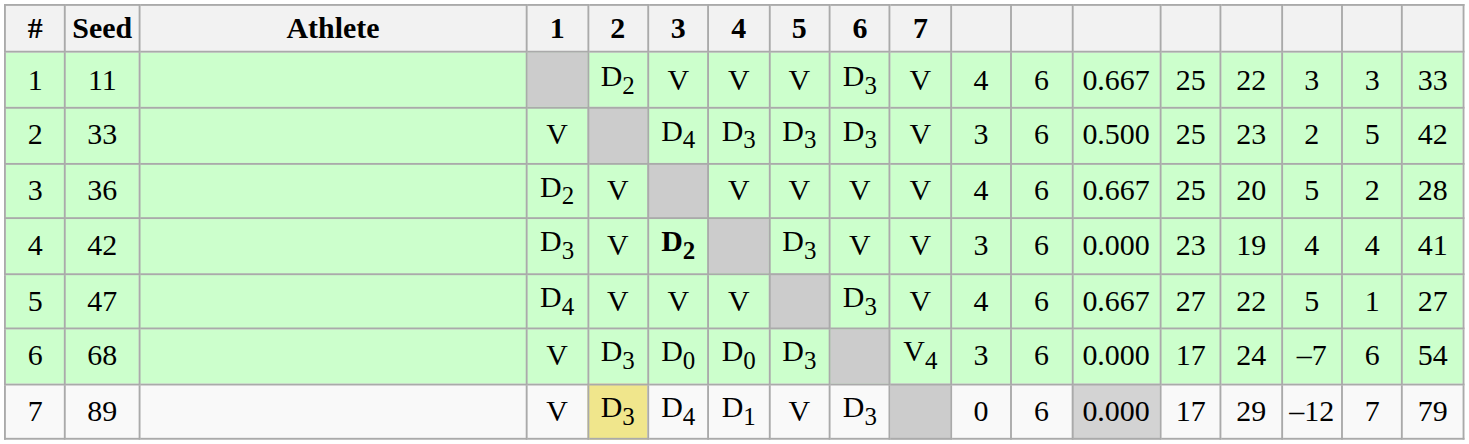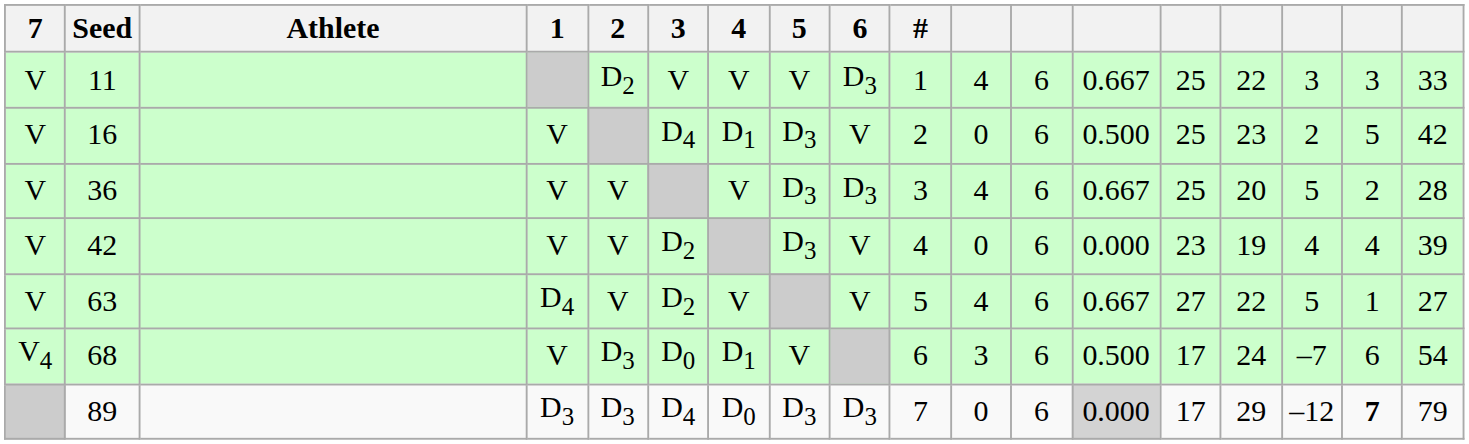 <table class="wikitable" style="text-align:center">
 <tr>
-<th width="25">#</th>
+<th width="25">7</th>
 <th width="25">Seed</th>
 <th width="200">Athlete</th>
 <th width="25">1</th>
 <th width="25">2</th>
 <th width="25">3</th>
 <th width="25">4</th>
 <th width="25">5</th>
 <th width="25">6</th>
-<th width="25">7</th>
+<th width="25">#</th>
 <th width="25"></th>
 <th width="25"></th>
 <th width="40"></th>
 <th width="25"></th>
 <th width="25"></th>
 <th width="25"></th>
 <th width="25"></th>
 <th width="25"></th>
 </tr>
 <tr bgcolor="#ccffcc">
-<td>1</td>
+<td>V</td>
 <td>11</td>
 <td align=left></td>
 <td bgcolor="#cccccc"></td>
 <td>D<sub>2</sub></td>
 <td>V</td>
 <td>V</td>
 <td>V</td>
 <td>D<sub>3</sub></td>
-<td>V</td>
+<td>1</td>
 <td>4</td>
 <td>6</td>
 <td>0.667</td>
 <td>25</td>
 <td>22</td>
 <td>3</td>
 <td>3</td>
 <td>33</td>
 </tr>
 <tr bgcolor="#ccffcc">
-<td>2</td>
-<td>33</td>
+<td>V</td>
+<td>16</td>
 <td align=left></td>
 <td>V</td>
 <td bgcolor="#cccccc"></td>
 <td>D<sub>4</sub></td>
-<td>D<sub>3</sub></td>
-<td>D<sub>3</sub></td>
+<td>D<sub>1</sub></td>
 <td>D<sub>3</sub></td>
 <td>V</td>
-<td>3</td>
+<td>2</td>
+<td>0</td>
 <td>6</td>
 <td>0.500</td>
 <td>25</td>
 <td>23</td>
 <td>2</td>
 <td>5</td>
 <td>42</td>
 </tr>
 <tr bgcolor="#ccffcc">
-<td>3</td>
+<td>V</td>
 <td>36</td>
 <td align=left></td>
-<td>D<sub>2</sub></td>
+<td>V</td>
 <td>V</td>
 <td bgcolor="#cccccc"></td>
 <td>V</td>
-<td>V</td>
-<td>V</td>
-<td>V</td>
+<td>D<sub>3</sub></td>
+<td>D<sub>3</sub></td>
+<td>3</td>
 <td>4</td>
 <td>6</td>
 <td>0.667</td>
 <td>25</td>
 <td>20</td>
 <td>5</td>
 <td>2</td>
 <td>28</td>
 </tr>
 <tr bgcolor="#ccffcc">
-<td>4</td>
+<td>V</td>
 <td>42</td>
 <td align=left></td>
-<td>D<sub>3</sub></td>
 <td>V</td>
-<td><strong>D<sub>2</sub></strong></td>
+<td>V</td>
+<td>D<sub>2</sub></td>
 <td bgcolor="#cccccc"></td>
 <td>D<sub>3</sub></td>
 <td>V</td>
-<td>V</td>
-<td>3</td>
+<td>4</td>
+<td>0</td>
 <td>6</td>
 <td>0.000</td>
 <td>23</td>
 <td>19</td>
 <td>4</td>
 <td>4</td>
-<td>41</td>
+<td>39</td>
 </tr>
 <tr bgcolor="#ccffcc">
-<td>5</td>
-<td>47</td>
+<td>V</td>
+<td>63</td>
 <td align=left></td>
 <td>D<sub>4</sub></td>
 <td>V</td>
-<td>V</td>
+<td>D<sub>2</sub></td>
 <td>V</td>
 <td bgcolor="#cccccc"></td>
-<td>D<sub>3</sub></td>
 <td>V</td>
+<td>5</td>
 <td>4</td>
 <td>6</td>
 <td>0.667</td>
 <td>27</td>
 <td>22</td>
 <td>5</td>
 <td>1</td>
 <td>27</td>
 </tr>
 <tr bgcolor="#ccffcc">
-<td>6</td>
+<td>V<sub>4</sub></td>
 <td>68</td>
 <td align=left></td>
 <td>V</td>
 <td>D<sub>3</sub></td>
 <td>D<sub>0</sub></td>
-<td>D<sub>0</sub></td>
-<td>D<sub>3</sub></td>
+<td>D<sub>1</sub></td>
+<td>V</td>
 <td bgcolor="#cccccc"></td>
-<td>V<sub>4</sub></td>
+<td>6</td>
 <td>3</td>
 <td>6</td>
-<td>0.000</td>
+<td>0.500</td>
 <td>17</td>
 <td>24</td>
 <td>–7</td>
 <td>6</td>
 <td>54</td>
 </tr>
 <tr>
-<td>7</td>
+<td bgcolor="#cccccc"></td>
 <td>89</td>
 <td align=left></td>
-<td>V</td>
-<td style="background: khaki;">D<sub>3</sub></td>
+<td>D<sub>3</sub></td>
+<td>D<sub>3</sub></td>
 <td>D<sub>4</sub></td>
-<td>D<sub>1</sub></td>
-<td>V</td>
+<td>D<sub>0</sub></td>
 <td>D<sub>3</sub></td>
-<td bgcolor="#cccccc"></td>
+<td>D<sub>3</sub></td>
+<td>7</td>
 <td>0</td>
 <td>6</td>
 <td style="background: lightgrey;">0.000</td>
 <td>17</td>
 <td>29</td>
 <td>–12</td>
-<td>7</td>
+<td><strong>7</strong></td>
 <td>79</td>
 </tr>
 </table>
